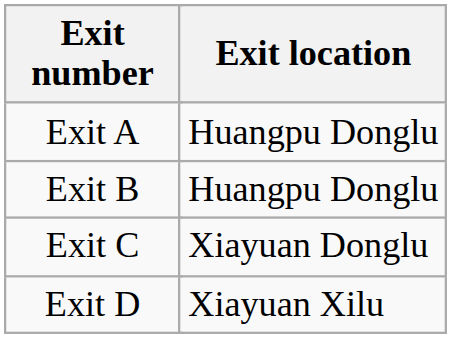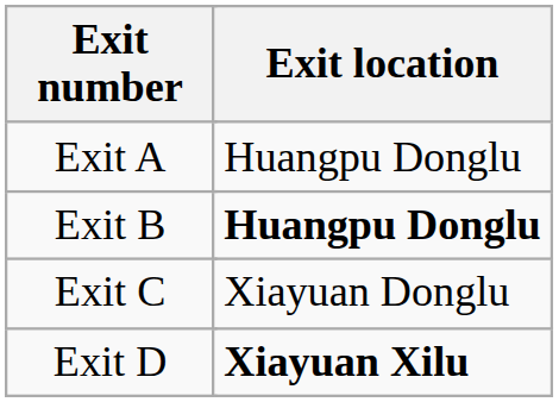 <table class="wikitable">
 <tr>
 <th style="width:70px" colspan="2">Exit number</th>
 <th>Exit location</th>
 </tr>
 <tr>
 <td align="center" colspan="2">Exit A</td>
 <td>Huangpu Donglu</td>
 </tr>
 <tr>
 <td align="center" colspan="2">Exit B</td>
-<td>Huangpu Donglu</td>
+<td><strong>Huangpu Donglu</strong></td>
 </tr>
 <tr>
 <td align="center" colspan="2">Exit C</td>
 <td>Xiayuan Donglu</td>
 </tr>
 <tr>
 <td align="center" colspan="2">Exit D</td>
-<td>Xiayuan Xilu</td>
+<td><strong>Xiayuan Xilu</strong></td>
 </tr>
 </table>
